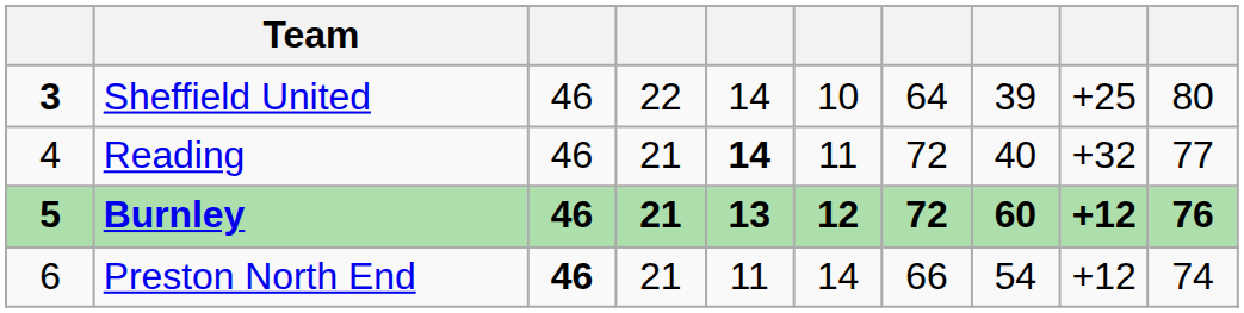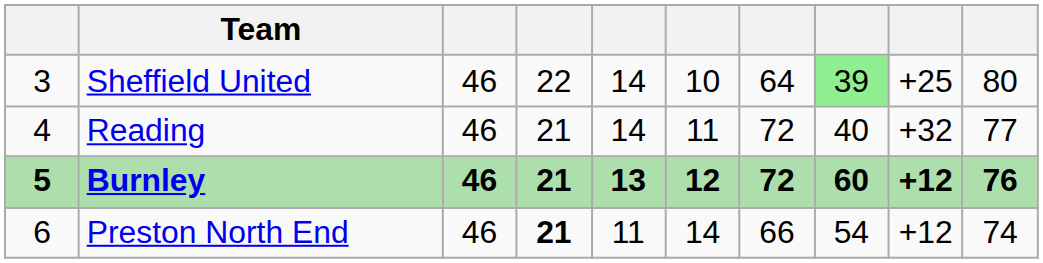 <table class="wikitable" style="text-align:center">
 <tr>
 <th width="30"></th>
 <th width="175">Team</th>
 <th width="30"></th>
 <th width="30"></th>
 <th width="30"></th>
 <th width="30"></th>
 <th width="30"></th>
 <th width="30"></th>
 <th width="30"></th>
 <th width="30"></th>
 </tr>
 <tr>
-<td><strong>3</strong></td>
+<td>3</td>
 <td align=left><a href='#'>Sheffield United</a></td>
 <td>46</td>
 <td>22</td>
 <td>14</td>
 <td>10</td>
 <td>64</td>
-<td>39</td>
+<td style="background: lightgreen;">39</td>
 <td>+25</td>
 <td>80</td>
 </tr>
 <tr>
 <td>4</td>
 <td align=left><a href='#'>Reading</a></td>
 <td>46</td>
 <td>21</td>
-<td><strong>14</strong></td>
+<td>14</td>
 <td>11</td>
 <td>72</td>
 <td>40</td>
 <td>+32</td>
 <td>77</td>
 </tr>
 <tr bgcolor=#ADDFAD>
 <td><strong>5</strong></td>
 <td align=left><strong><a href='#'>Burnley</a></strong></td>
 <td><strong>46</strong></td>
 <td><strong>21</strong></td>
 <td><strong>13</strong></td>
 <td><strong>12</strong></td>
 <td><strong>72</strong></td>
 <td><strong>60</strong></td>
 <td><strong>+12</strong></td>
 <td><strong>76</strong></td>
 </tr>
 <tr>
 <td>6</td>
 <td align=left><a href='#'>Preston North End</a></td>
-<td><strong>46</strong></td>
-<td>21</td>
+<td>46</td>
+<td><strong>21</strong></td>
 <td>11</td>
 <td>14</td>
 <td>66</td>
 <td>54</td>
 <td>+12</td>
 <td>74</td>
 </tr>
 </table>
